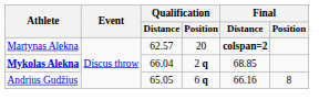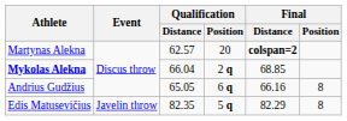 <table class=wikitable style=font-size:90%>
 <tr>
 <th rowspan=2>Athlete</th>
 <th rowspan=2>Event</th>
 <th colspan=2>Qualification</th>
 <th colspan=2>Final</th>
 </tr>
 <tr style=font-size:95%>
 <th>Distance</th>
 <th>Position</th>
 <th>Distance</th>
 <th>Position</th>
 </tr>
 <tr align=center>
 <td align=left><a href='#'>Martynas Alekna</a></td>
 <td align=left rowspan=3><a href='#'>Discus throw</a></td>
 <td>62.57</td>
 <td>20</td>
 <td><strong>colspan=2 </strong></td>
 </tr>
 <tr align=center>
 <td align=left><strong><a href='#'>Mykolas Alekna</a></strong></td>
 <td>66.04</td>
 <td>2 <strong>q</strong></td>
 <td>68.85</td>
 <td></td>
 </tr>
 <tr align=center>
 <td align=left><a href='#'>Andrius Gudžius</a></td>
 <td>65.05</td>
 <td>6 <strong>q</strong></td>
 <td>66.16</td>
 <td>8</td>
 </tr>
+<tr align=center>
+<td align=left><a href='#'>Edis Matusevičius</a></td>
+<td align=left><a href='#'>Javelin throw</a></td>
+<td>82.35</td>
+<td>5 <strong>q</strong></td>
+<td>82.29</td>
+<td>8</td>
+</tr>
 </table>
